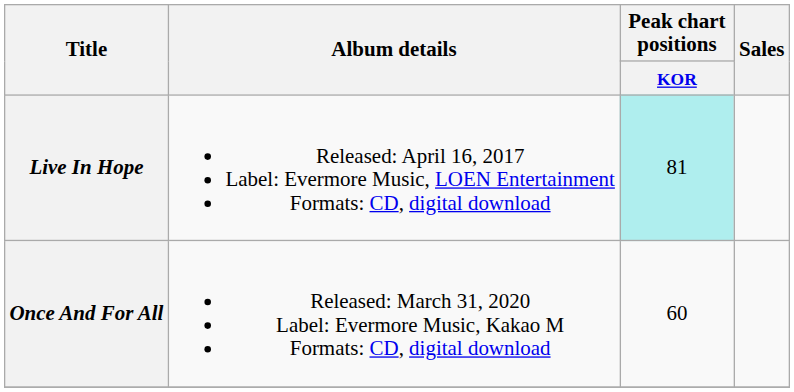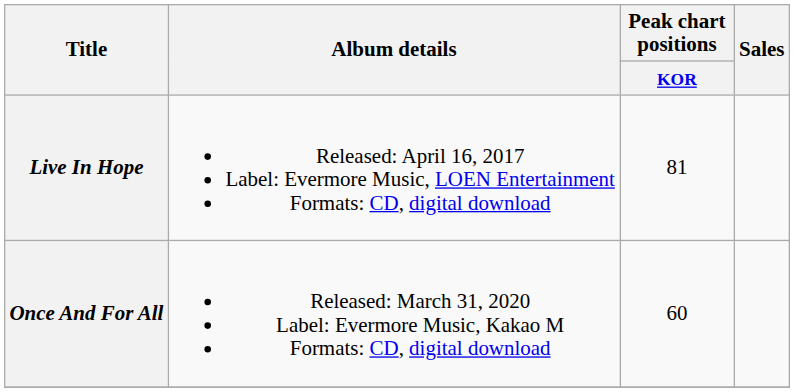 <table class="wikitable plainrowheaders" style="text-align:center;">
 <tr>
 <th scope="col" rowspan="2">Title</th>
 <th scope="col" rowspan="2">Album details</th>
 <th scope="col" colspan="1" style="width:5em;">Peak chart positions</th>
 <th scope="col" rowspan="2">Sales</th>
 </tr>
 <tr>
 <th><small><a href='#'>KOR</a></small><br></th>
 </tr>
 <tr>
 <th scope="row"><em>Live In Hope</em></th>
 <td><br><ul><li>Released: April 16, 2017</li><li>Label: Evermore Music, <a href='#'>LOEN Entertainment</a></li><li>Formats: <a href='#'>CD</a>, <a href='#'>digital download</a></li></ul></td>
-<td style="background: paleturquoise;">81</td>
+<td>81</td>
 <td></td>
 </tr>
 <tr>
 <th scope="row"><em>Once And For All</em></th>
 <td><br><ul><li>Released: March 31, 2020</li><li>Label: Evermore Music, Kakao M</li><li>Formats: <a href='#'>CD</a>, <a href='#'>digital download</a></li></ul></td>
 <td>60</td>
 <td></td>
 </tr>
 <tr>
 </tr>
 </table>
